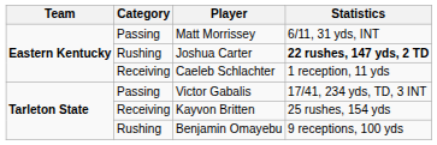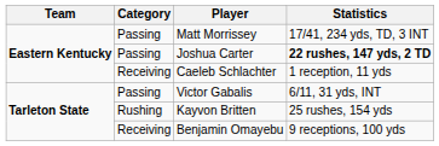 <table class="wikitable" style="float: right;">
 <tr>
 <th>Team</th>
 <th>Category</th>
 <th>Player</th>
 <th>Statistics</th>
 </tr>
 <tr>
 <td rowspan=3><strong>Eastern Kentucky</strong></td>
 <td>Passing</td>
 <td>Matt Morrissey</td>
-<td>6/11, 31 yds, INT</td>
+<td>17/41, 234 yds, TD, 3 INT</td>
 </tr>
 <tr>
-<td>Rushing</td>
+<td>Passing</td>
 <td>Joshua Carter</td>
 <td><strong>22 rushes, 147 yds, 2 TD</strong></td>
 </tr>
 <tr>
 <td>Receiving</td>
 <td>Caeleb Schlachter</td>
 <td>1 reception, 11 yds</td>
 </tr>
 <tr>
 <td rowspan=3><strong>Tarleton State</strong></td>
 <td>Passing</td>
 <td>Victor Gabalis</td>
-<td>17/41, 234 yds, TD, 3 INT</td>
+<td>6/11, 31 yds, INT</td>
 </tr>
 <tr>
-<td>Receiving</td>
+<td>Rushing</td>
 <td>Kayvon Britten</td>
 <td>25 rushes, 154 yds</td>
 </tr>
 <tr>
-<td>Rushing</td>
+<td>Receiving</td>
 <td>Benjamin Omayebu</td>
 <td>9 receptions, 100 yds</td>
 </tr>
 </table>
